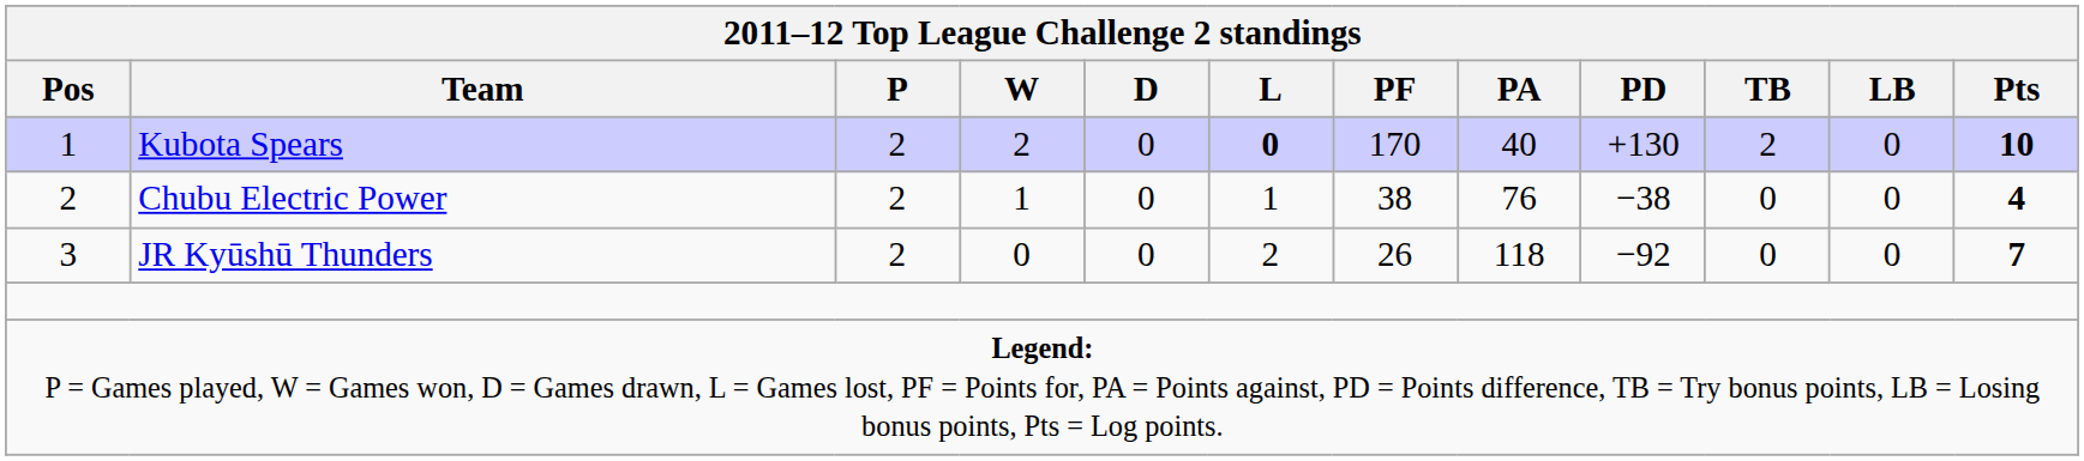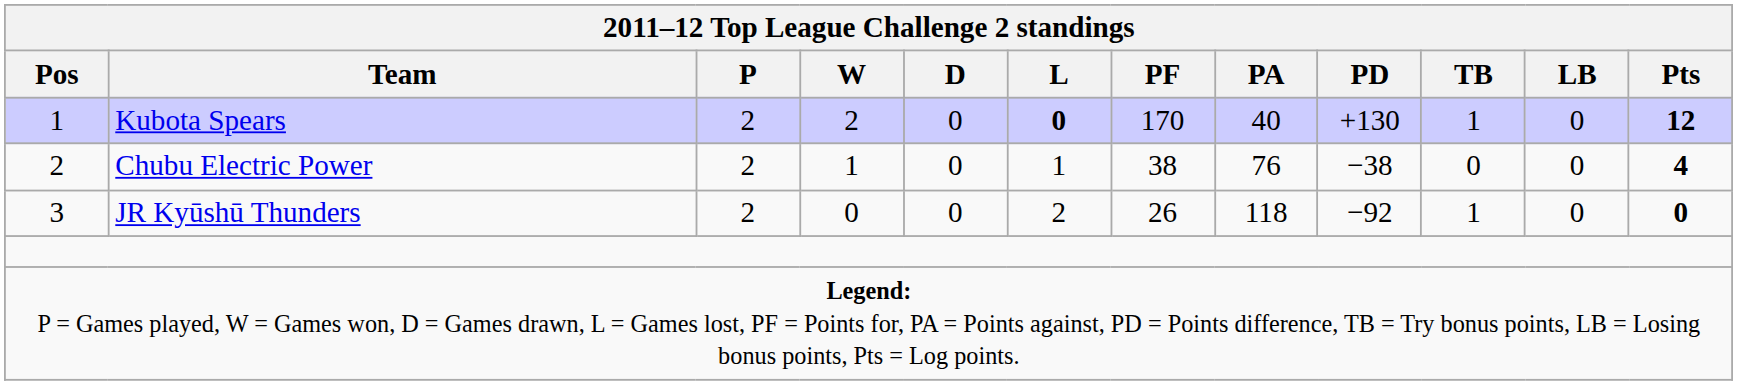 <table class="wikitable" style="text-align:center; font-size:100%; width:60%;">
 <tr>
 <th colspan="100%" cellpadding="0" cellspacing="0"><strong>2011–12 Top League Challenge 2 standings</strong></th>
 </tr>
 <tr>
 <th style="width:6%;">Pos</th>
 <th style="width:34%;">Team</th>
 <th style="width:6%;">P</th>
 <th style="width:6%;">W</th>
 <th style="width:6%;">D</th>
 <th style="width:6%;">L</th>
 <th style="width:6%;">PF</th>
 <th style="width:6%;">PA</th>
 <th style="width:6%;">PD</th>
 <th style="width:6%;">TB</th>
 <th style="width:6%;">LB</th>
 <th style="width:6%;">Pts<br></th>
 </tr>
 <tr style="background:#CCCCFF;">
 <td>1</td>
 <td style="text-align:left;"><a href='#'>Kubota Spears</a></td>
 <td>2</td>
 <td>2</td>
 <td>0</td>
 <td><strong>0</strong></td>
 <td>170</td>
 <td>40</td>
 <td>+130</td>
-<td>2</td>
+<td>1</td>
 <td>0</td>
-<td><strong>10</strong></td>
+<td><strong>12</strong></td>
 </tr>
 <tr>
 <td>2</td>
 <td style="text-align:left;"><a href='#'>Chubu Electric Power</a></td>
 <td>2</td>
 <td>1</td>
 <td>0</td>
 <td>1</td>
 <td>38</td>
 <td>76</td>
 <td>−38</td>
 <td>0</td>
 <td>0</td>
 <td><strong>4</strong></td>
 </tr>
 <tr>
 <td>3</td>
 <td style="text-align:left;"><a href='#'>JR Kyūshū Thunders</a></td>
 <td>2</td>
 <td>0</td>
 <td>0</td>
 <td>2</td>
 <td>26</td>
 <td>118</td>
 <td>−92</td>
+<td>1</td>
 <td>0</td>
-<td>0</td>
-<td><strong>7</strong></td>
+<td><strong>0</strong></td>
 </tr>
 <tr>
 <td colspan="100%" style="height:10px;"></td>
 </tr>
 <tr>
 <td colspan="100%"><small><strong>Legend:</strong> <br> P = Games played, W = Games won, D = Games drawn, L = Games lost, PF = Points for, PA = Points against, PD = Points difference, TB = Try bonus points, LB = Losing bonus points, Pts = Log points.</small></td>
 </tr>
 </table>
